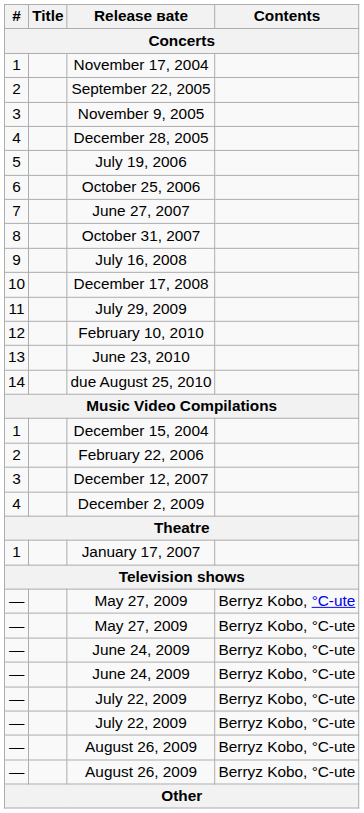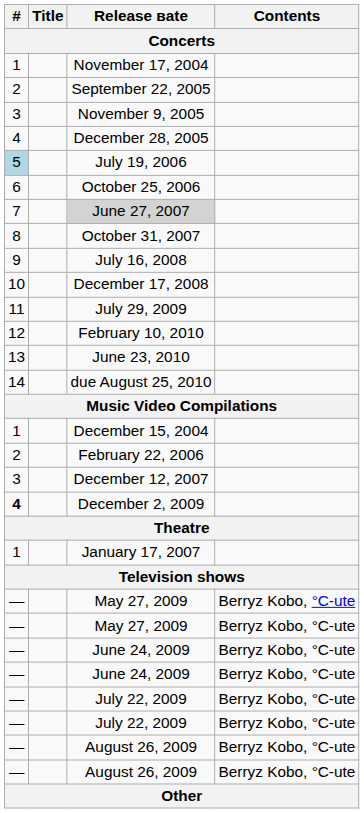 <table class="wikitable" style="text-align:center">
 <tr>
 <th>#</th>
 <th>Title</th>
 <th>Release вate</th>
 <th>Contents</th>
 </tr>
 <tr>
 <th colspan="4">Concerts</th>
 </tr>
 <tr>
 <td>1</td>
 <td></td>
 <td>November 17, 2004</td>
 <td align="left"></td>
 </tr>
 <tr>
 <td>2</td>
 <td></td>
 <td>September 22, 2005</td>
 <td></td>
 </tr>
 <tr>
 <td>3</td>
 <td></td>
 <td>November 9, 2005</td>
 <td></td>
 </tr>
 <tr>
 <td>4</td>
 <td></td>
 <td>December 28, 2005</td>
 <td></td>
 </tr>
 <tr>
-<td>5</td>
+<td style="background: lightblue;">5</td>
 <td></td>
 <td>July 19, 2006</td>
 <td></td>
 </tr>
 <tr>
 <td>6</td>
 <td></td>
 <td>October 25, 2006</td>
 <td></td>
 </tr>
 <tr>
 <td>7</td>
 <td></td>
-<td>June 27, 2007</td>
+<td style="background: lightgrey;">June 27, 2007</td>
 <td></td>
 </tr>
 <tr>
 <td>8</td>
 <td></td>
 <td>October 31, 2007</td>
 <td></td>
 </tr>
 <tr>
 <td>9</td>
 <td></td>
 <td>July 16, 2008</td>
 <td></td>
 </tr>
 <tr>
 <td>10</td>
 <td></td>
 <td>December 17, 2008</td>
 <td></td>
 </tr>
 <tr>
 <td>11</td>
 <td></td>
 <td>July 29, 2009</td>
 <td></td>
 </tr>
 <tr>
 <td>12</td>
 <td></td>
 <td>February 10, 2010</td>
 <td></td>
 </tr>
 <tr>
 <td>13</td>
 <td></td>
 <td>June 23, 2010</td>
 <td></td>
 </tr>
 <tr>
 <td>14</td>
 <td></td>
 <td>due August 25, 2010</td>
 <td></td>
 </tr>
 <tr>
 <th colspan="4">Music Video Compilations</th>
 </tr>
 <tr>
 <td>1</td>
 <td></td>
 <td>December 15, 2004</td>
 <td align="left"></td>
 </tr>
 <tr>
 <td>2</td>
 <td></td>
 <td>February 22, 2006</td>
 <td></td>
 </tr>
 <tr>
 <td>3</td>
 <td></td>
 <td>December 12, 2007</td>
 <td></td>
 </tr>
 <tr>
-<td>4</td>
+<td><strong>4</strong></td>
 <td></td>
 <td>December 2, 2009</td>
 <td></td>
 </tr>
 <tr>
 <th colspan="4">Theatre</th>
 </tr>
 <tr>
 <td>1</td>
 <td></td>
 <td>January 17, 2007</td>
 <td></td>
 </tr>
 <tr>
 <th colspan="4">Television shows</th>
 </tr>
 <tr>
 <td>—</td>
 <td></td>
 <td>May 27, 2009</td>
 <td align="left">Berryz Kobo, <a href='#'>°C-ute</a></td>
 </tr>
 <tr>
 <td>—</td>
 <td></td>
 <td>May 27, 2009</td>
 <td align="left">Berryz Kobo, °C-ute</td>
 </tr>
 <tr>
 <td>—</td>
 <td></td>
 <td>June 24, 2009</td>
 <td align="left">Berryz Kobo, °C-ute</td>
 </tr>
 <tr>
 <td>—</td>
 <td></td>
 <td>June 24, 2009</td>
 <td align="left">Berryz Kobo, °C-ute</td>
 </tr>
 <tr>
 <td>—</td>
 <td></td>
 <td>July 22, 2009</td>
 <td align="left">Berryz Kobo, °C-ute</td>
 </tr>
 <tr>
 <td>—</td>
 <td></td>
 <td>July 22, 2009</td>
 <td align="left">Berryz Kobo, °C-ute</td>
 </tr>
 <tr>
 <td>—</td>
 <td></td>
 <td>August 26, 2009</td>
 <td align="left">Berryz Kobo, °C-ute</td>
 </tr>
 <tr>
 <td>—</td>
 <td></td>
 <td>August 26, 2009</td>
 <td align="left">Berryz Kobo, °C-ute</td>
 </tr>
 <tr>
 <th colspan="4">Other</th>
 </tr>
 </table>
